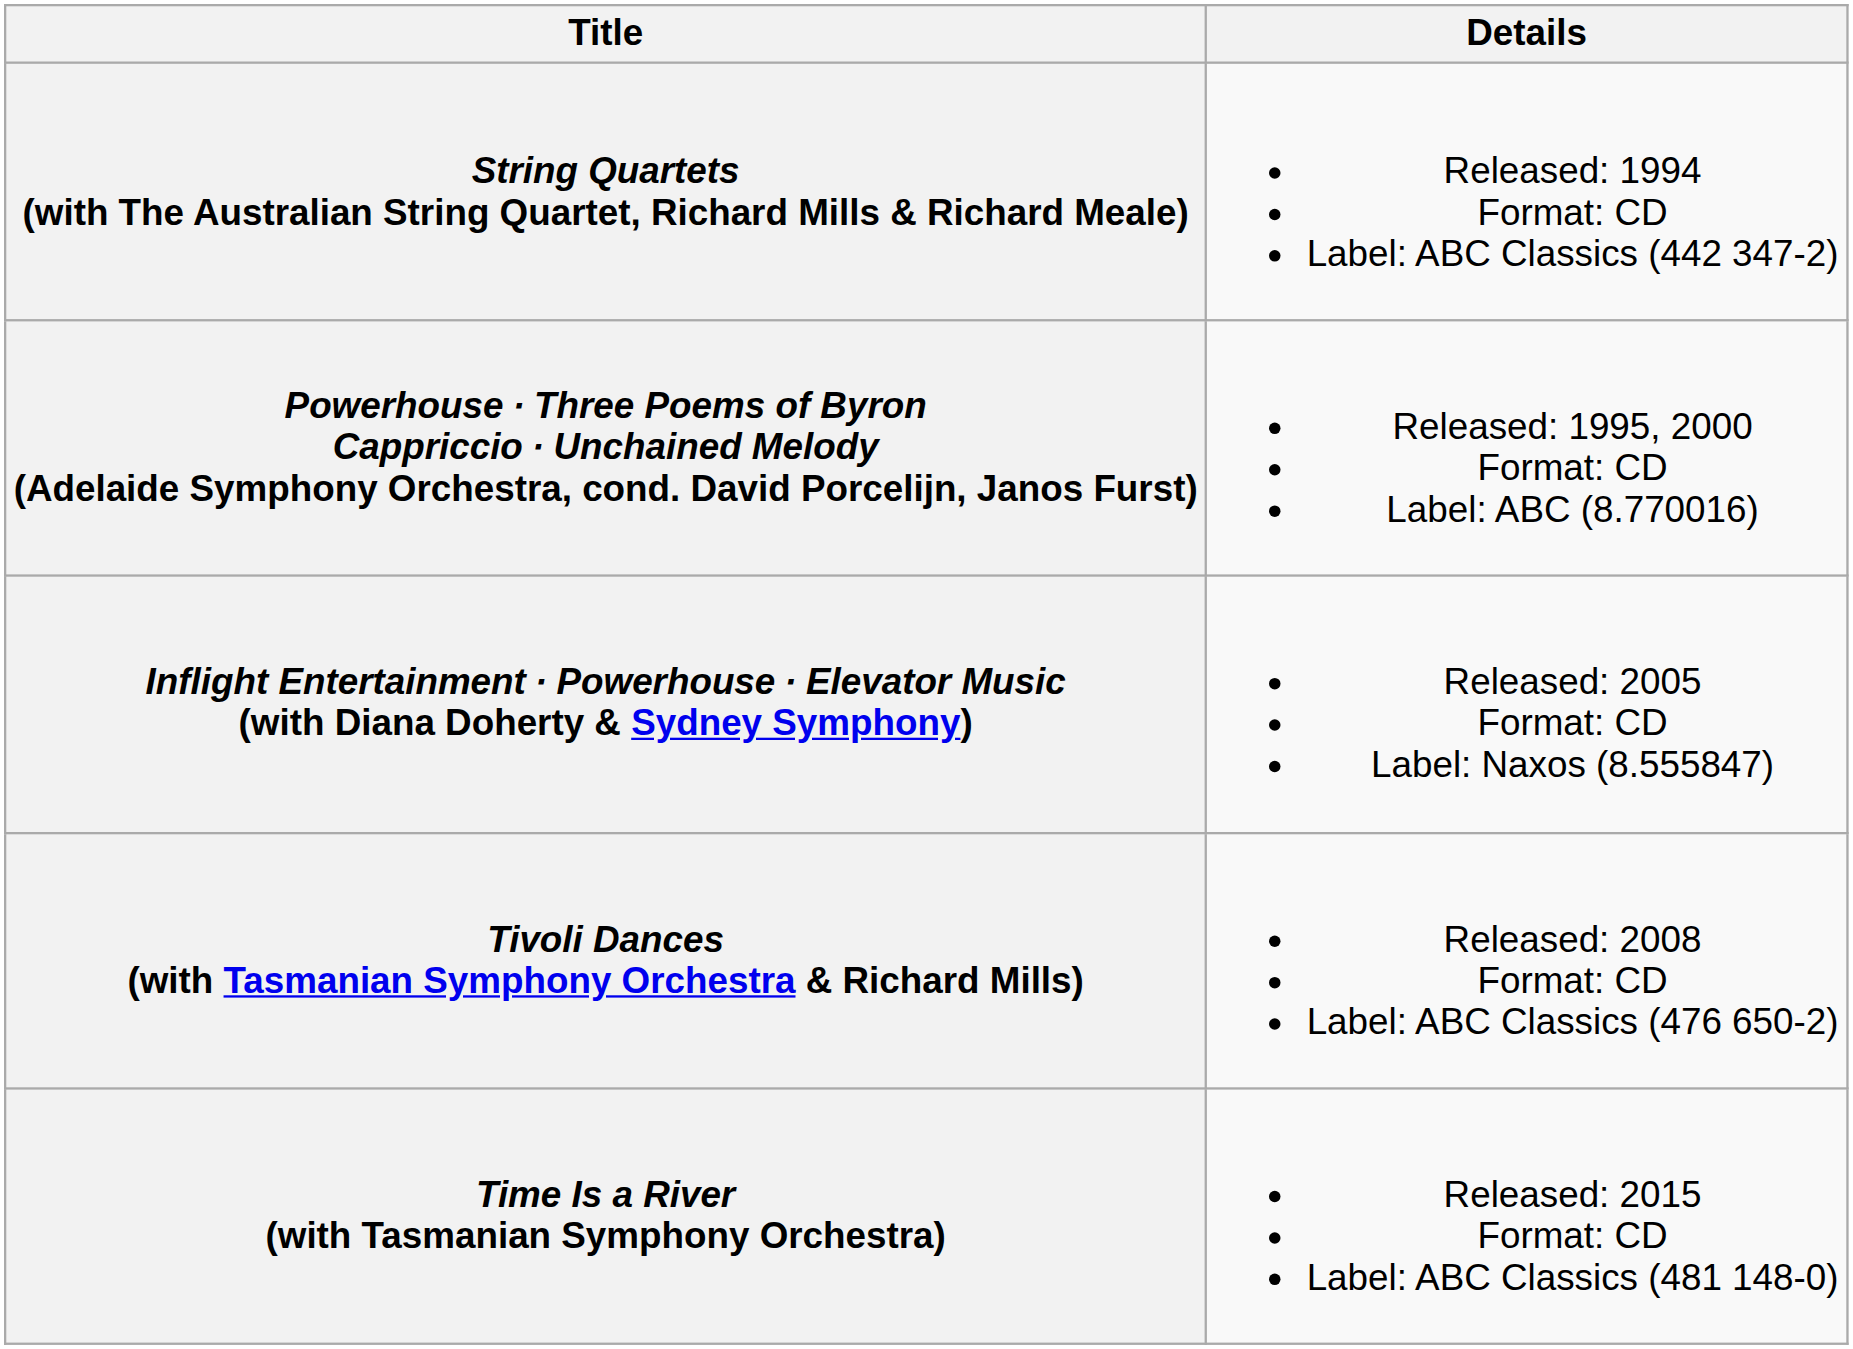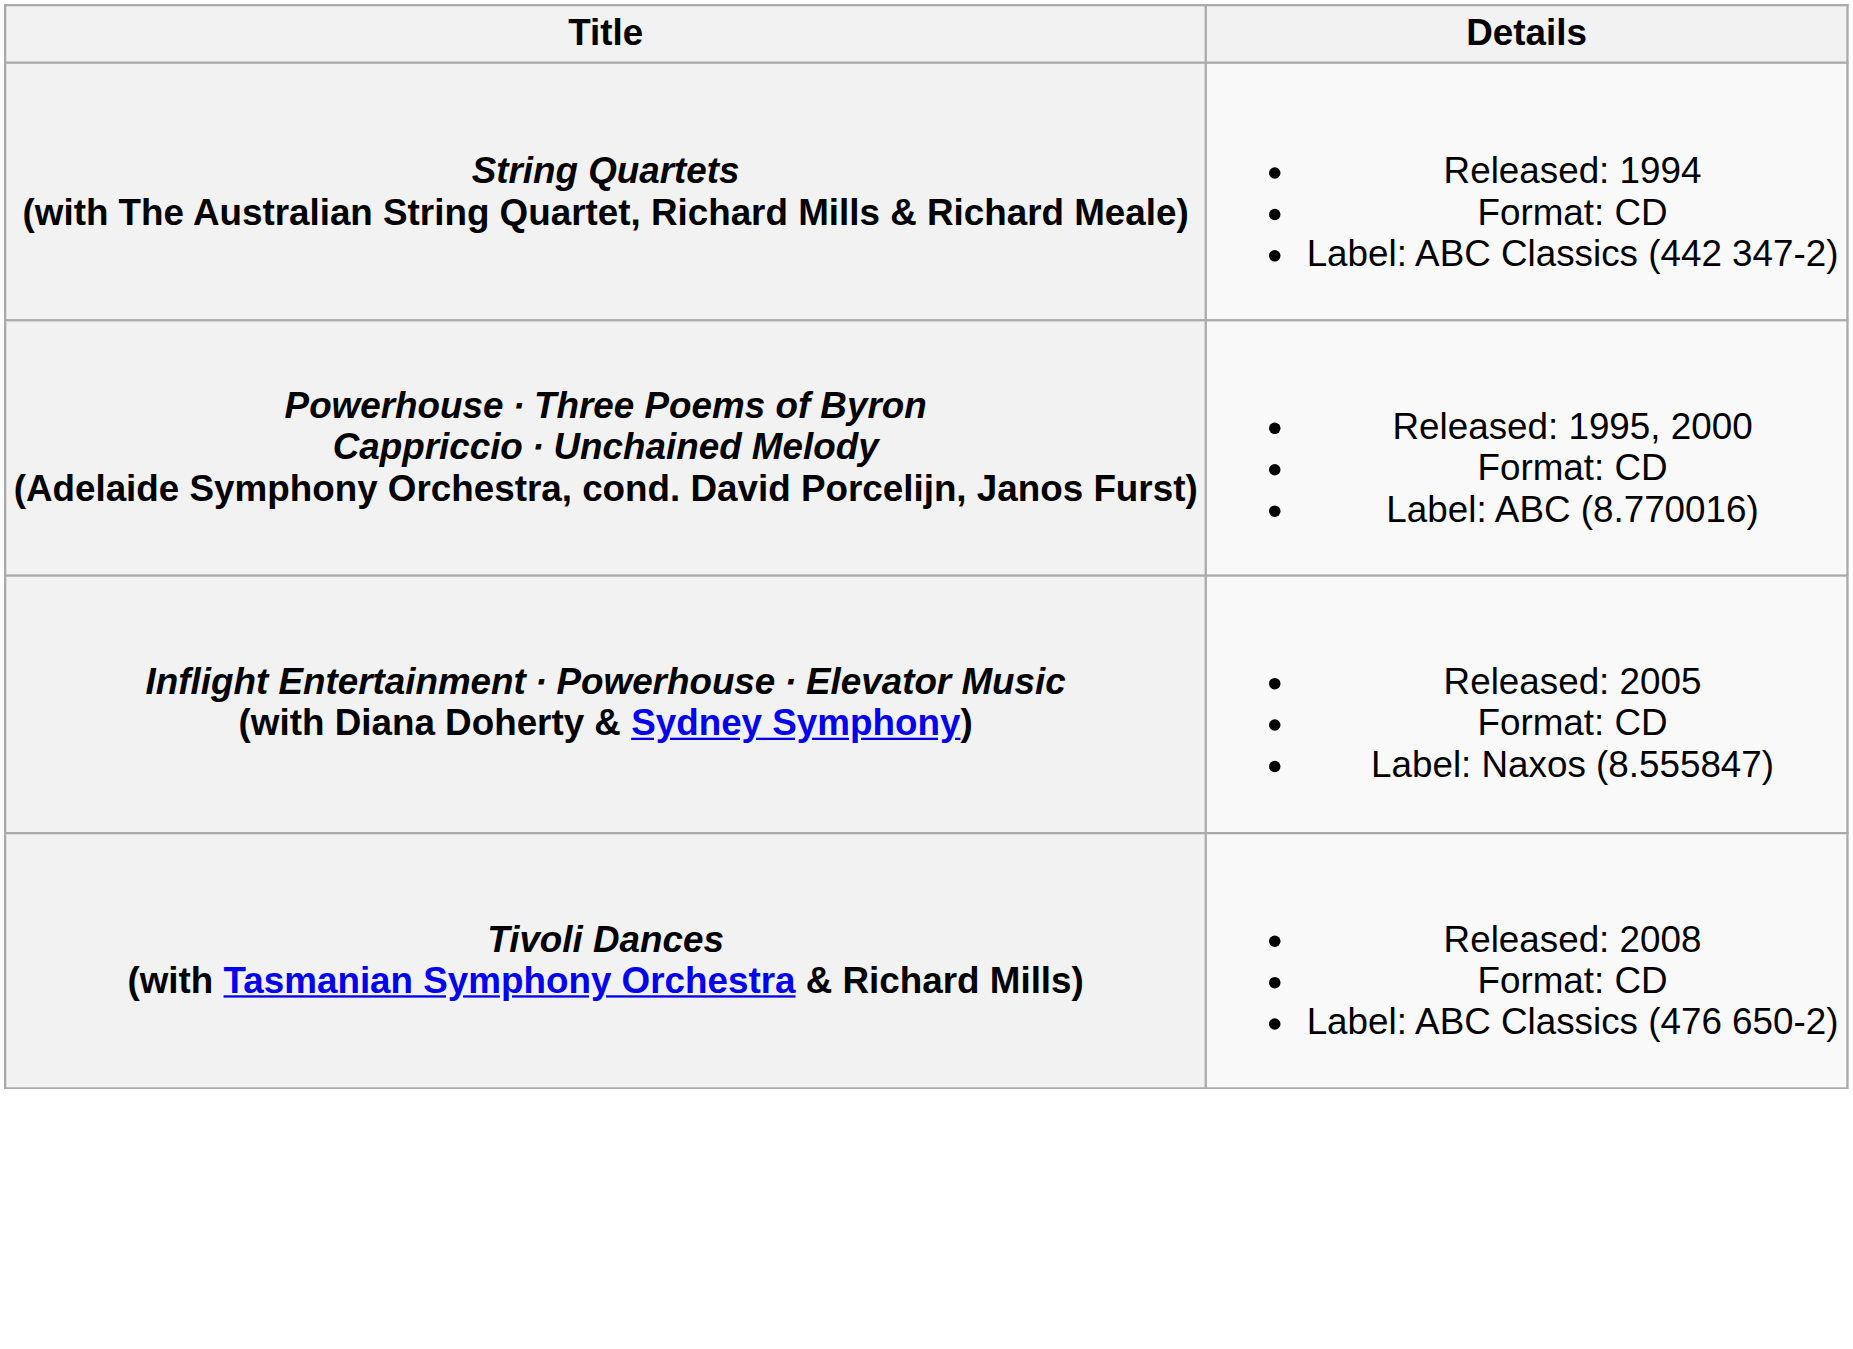 <table class="wikitable plainrowheaders" style="text-align:center;" border="1">
 <tr>
 <th>Title</th>
 <th>Details</th>
 </tr>
 <tr>
 <th scope="row"><em>String Quartets</em> <br> (with The Australian String Quartet, Richard Mills & Richard Meale)</th>
 <td><br><ul><li>Released: 1994</li><li>Format: CD</li><li>Label: ABC Classics (442 347-2)</li></ul></td>
 </tr>
 <tr>
 <th><em>Powerhouse ∙ Three Poems of Byron</em><br><em>Cappriccio ∙ Unchained Melody</em> <br> (Adelaide Symphony Orchestra, cond. David Porcelijn,  Janos Furst)</th>
 <td><br><ul><li>Released: 1995, 2000</li><li>Format: CD</li><li>Label: ABC (8.770016)</li></ul></td>
 </tr>
 <tr>
 <th scope="row"><em>Inflight Entertainment ∙ Powerhouse ∙ Elevator Music</em> <br> (with Diana Doherty & <a href='#'>Sydney Symphony</a>)</th>
 <td><br><ul><li>Released: 2005</li><li>Format: CD</li><li>Label: Naxos (8.555847)</li></ul></td>
 </tr>
 <tr>
 <th scope="row"><em>Tivoli Dances</em> <br> (with <a href='#'>Tasmanian Symphony Orchestra</a> & Richard Mills)</th>
 <td><br><ul><li>Released: 2008</li><li>Format: CD</li><li>Label: ABC Classics (476 650-2)</li></ul></td>
 </tr>
-<tr>
-<th scope="row"><em>Time Is a River</em> <br> (with Tasmanian Symphony Orchestra)</th>
-<td><br><ul><li>Released: 2015</li><li>Format: CD</li><li>Label: ABC Classics (481 148-0)</li></ul></td>
-</tr>
 </table>
